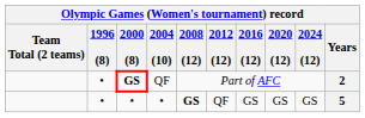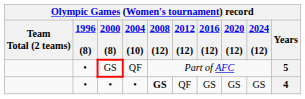 <table class="wikitable" style="text-align:center">
 <tr>
 <th colspan=10><a href='#'>Olympic Games</a> (<a href='#'>Women's tournament</a>) record</th>
 </tr>
 <tr>
 <th>Team<br> Total (2 teams)</th>
 <th><a href='#'>1996</a><br><br>(8)</th>
 <th><a href='#'>2000</a><br><br>(8)</th>
 <th><a href='#'>2004</a><br><br>(10)</th>
 <th><a href='#'>2008</a><br><br>(12)</th>
 <th><a href='#'>2012</a><br><br>(12)</th>
 <th><a href='#'>2016</a><br><br>(12)</th>
 <th><a href='#'>2020</a><br><br>(12)</th>
 <th><a href='#'>2024</a><br><br>(12)</th>
 <th>Years</th>
 </tr>
 <tr>
 <td style="text-align:left"></td>
 <td>•</td>
-<td style="border: 3px solid red"><strong>GS</strong></td>
+<td style="border: 3px solid red">GS</td>
 <td>QF</td>
 <td colspan="5"><em>Part of <a href='#'>AFC</a></em></td>
-<th>2</th>
+<th>5</th>
 </tr>
 <tr>
 <td style="text-align:left"></td>
 <td>•</td>
 <td>•</td>
 <td>•</td>
 <td><strong>GS</strong></td>
 <td>QF</td>
 <td>GS</td>
 <td>GS</td>
 <td>GS</td>
-<th>5</th>
+<th>4</th>
 </tr>
 </table>
